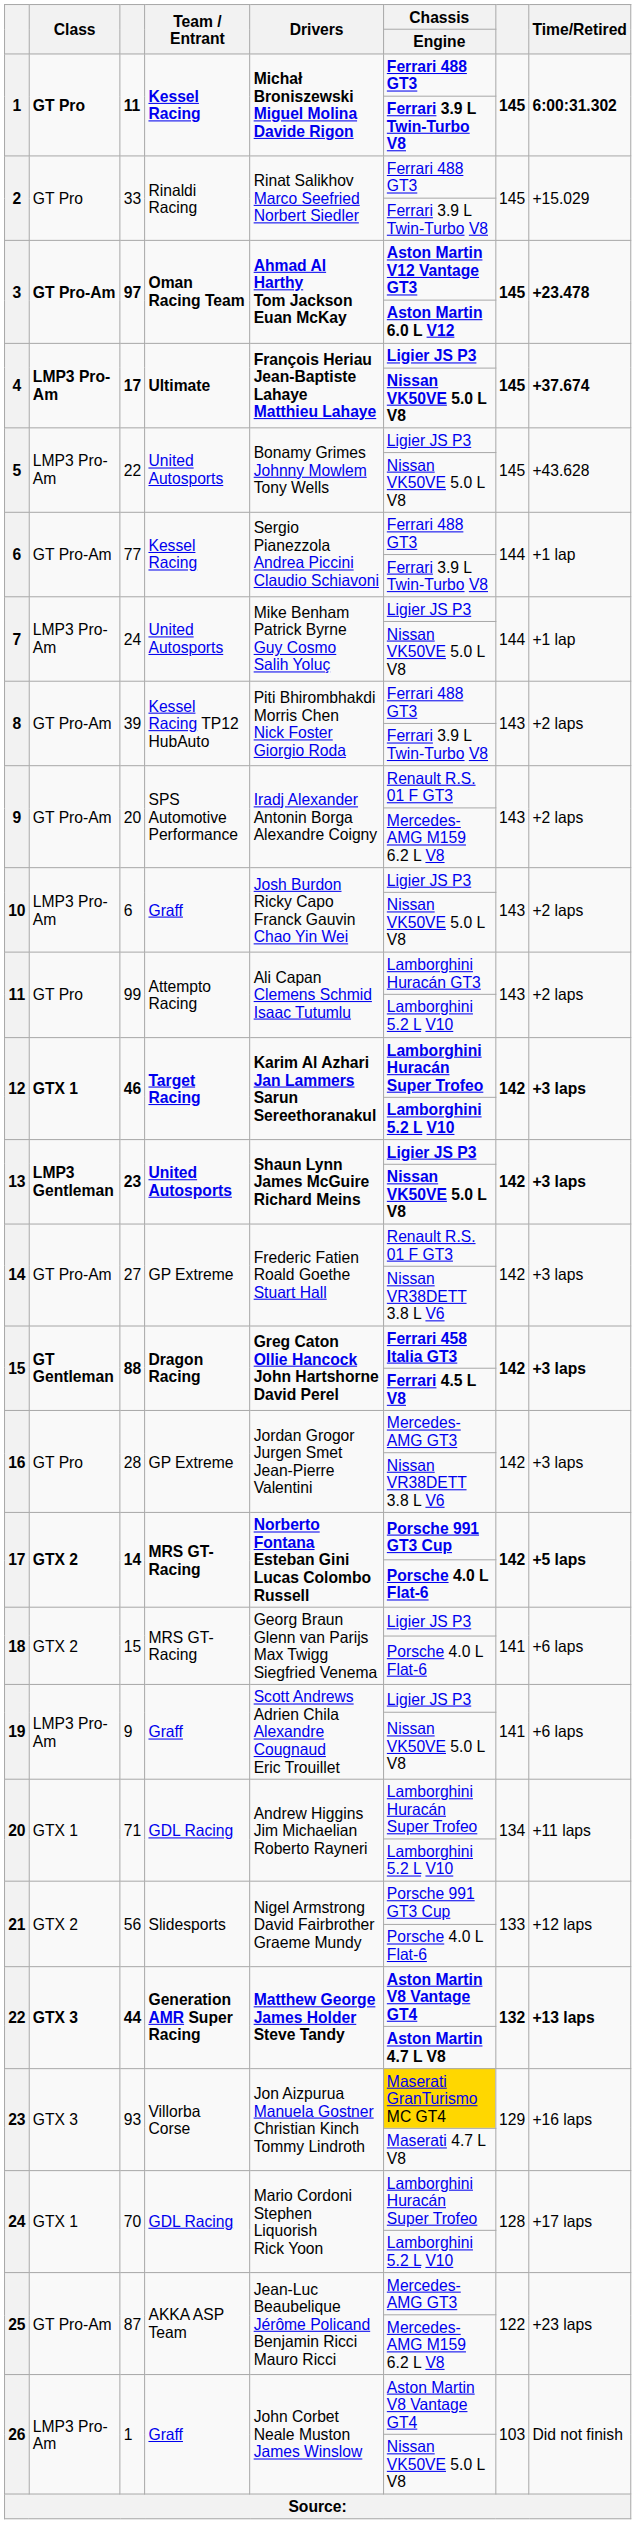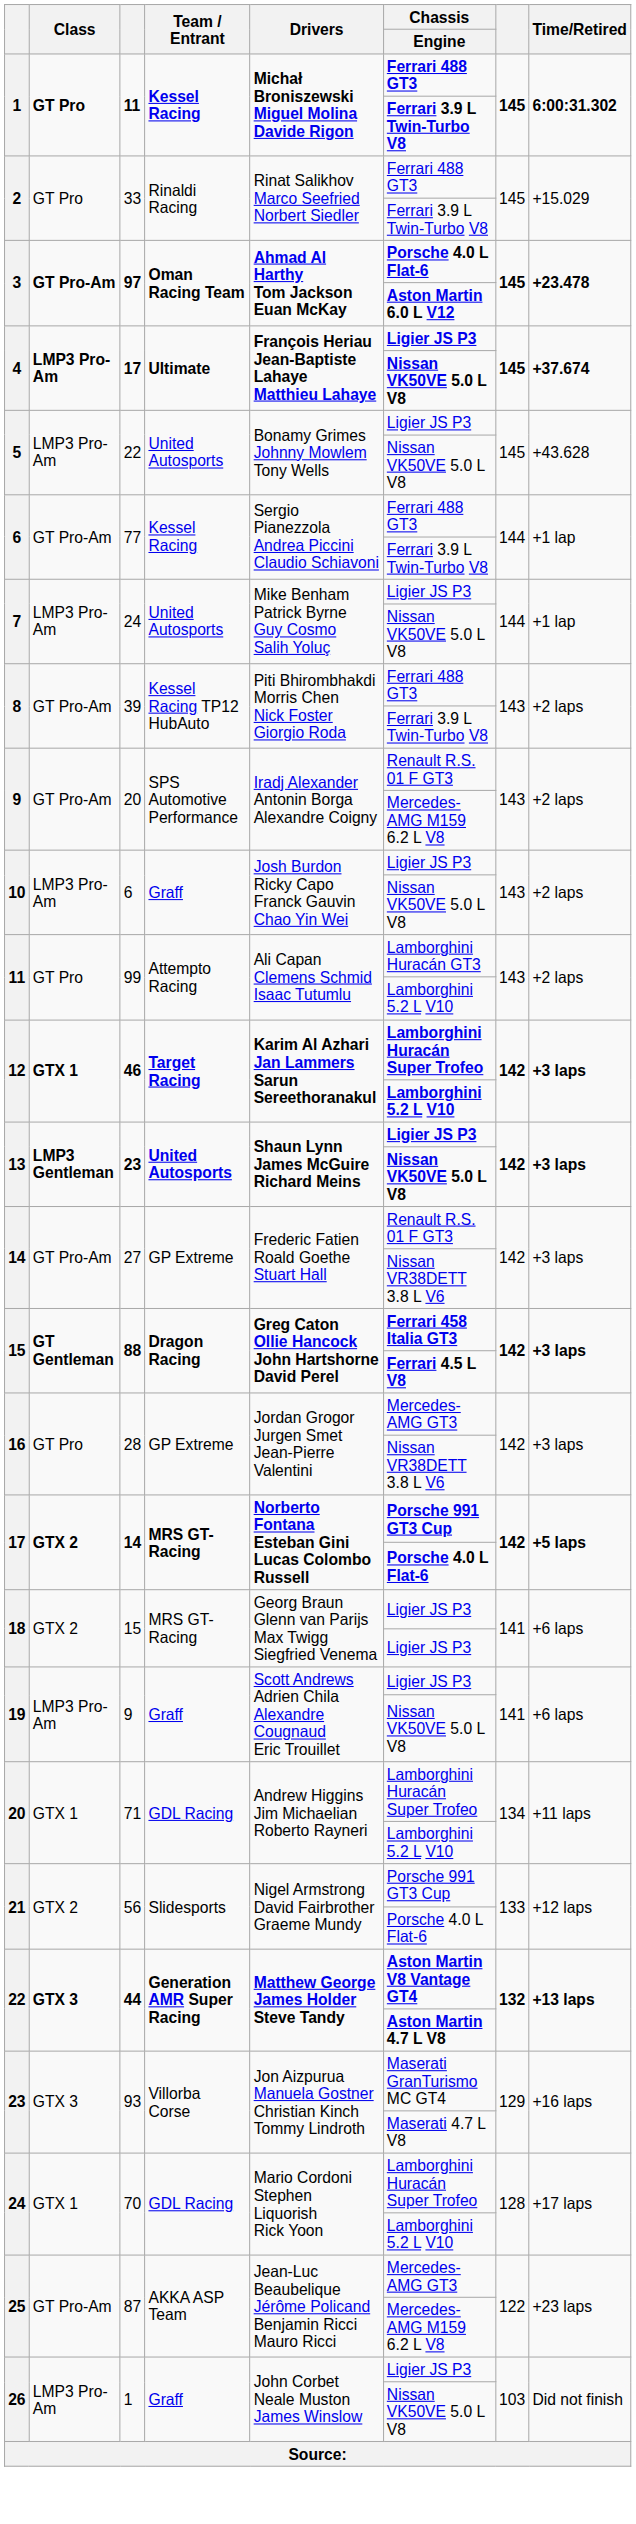 <table class="wikitable" style="font-size: 95%;">
 <tr>
 <th rowspan="2"></th>
 <th rowspan="2">Class</th>
 <th rowspan="2" class="unsortable"></th>
 <th rowspan="2" class="unsortable">Team / Entrant</th>
 <th rowspan="2" class="unsortable">Drivers</th>
 <th scope="col" class="unsortable">Chassis</th>
 <th rowspan="2" class="unsortable"></th>
 <th rowspan="2" class="unsortable">Time/Retired</th>
 </tr>
 <tr>
 <th>Engine</th>
 </tr>
 <tr style="font-weight:bold">
 <th rowspan=2>1</th>
 <td rowspan=2>GT Pro</td>
 <td rowspan=2>11</td>
 <td rowspan=2> <a href='#'>Kessel Racing</a></td>
 <td rowspan=2> Michał Broniszewski<br> <a href='#'>Miguel Molina</a><br> <a href='#'>Davide Rigon</a></td>
 <td><a href='#'>Ferrari 488 GT3</a></td>
 <td rowspan=2>145</td>
 <td rowspan=2>6:00:31.302</td>
 </tr>
 <tr style="font-weight:bold">
 <td><a href='#'>Ferrari</a> 3.9 L <a href='#'>Twin-Turbo</a> <a href='#'>V8</a></td>
 </tr>
 <tr>
 <th rowspan=2>2</th>
 <td rowspan=2>GT Pro</td>
 <td rowspan=2>33</td>
 <td rowspan=2> Rinaldi Racing</td>
 <td rowspan=2> Rinat Salikhov<br> <a href='#'>Marco Seefried</a><br> <a href='#'>Norbert Siedler</a></td>
 <td><a href='#'>Ferrari 488 GT3</a></td>
 <td rowspan=2>145</td>
 <td rowspan=2>+15.029</td>
 </tr>
 <tr>
 <td><a href='#'>Ferrari</a> 3.9 L <a href='#'>Twin-Turbo</a> <a href='#'>V8</a></td>
 </tr>
 <tr style="font-weight:bold">
 <th rowspan=2>3</th>
 <td rowspan=2>GT Pro-Am</td>
 <td rowspan=2>97</td>
 <td rowspan=2> Oman Racing Team</td>
 <td rowspan=2> <a href='#'>Ahmad Al Harthy</a><br> Tom Jackson<br> Euan McKay</td>
-<td><a href='#'>Aston Martin V12 Vantage GT3</a></td>
+<td><a href='#'>Porsche</a> 4.0 L <a href='#'>Flat-6</a></td>
 <td rowspan=2>145</td>
 <td rowspan=2>+23.478</td>
 </tr>
 <tr style="font-weight:bold">
 <td><a href='#'>Aston Martin</a> 6.0 L <a href='#'>V12</a></td>
 </tr>
 <tr style="font-weight:bold">
 <th rowspan=2>4</th>
 <td rowspan=2>LMP3 Pro-Am</td>
 <td rowspan=2>17</td>
 <td rowspan=2> Ultimate</td>
 <td rowspan=2> François Heriau<br> Jean-Baptiste Lahaye<br> <a href='#'>Matthieu Lahaye</a></td>
 <td><a href='#'>Ligier JS P3</a></td>
 <td rowspan=2>145</td>
 <td rowspan=2>+37.674</td>
 </tr>
 <tr style="font-weight:bold">
 <td><a href='#'>Nissan</a> <a href='#'>VK50VE</a> 5.0 L V8</td>
 </tr>
 <tr>
 <th rowspan=2>5</th>
 <td rowspan=2>LMP3 Pro-Am</td>
 <td rowspan=2>22</td>
 <td rowspan=2> <a href='#'>United Autosports</a></td>
 <td rowspan=2> Bonamy Grimes<br> <a href='#'>Johnny Mowlem</a><br> Tony Wells</td>
 <td><a href='#'>Ligier JS P3</a></td>
 <td rowspan=2>145</td>
 <td rowspan=2>+43.628</td>
 </tr>
 <tr>
 <td><a href='#'>Nissan</a> <a href='#'>VK50VE</a> 5.0 L V8</td>
 </tr>
 <tr>
 <th rowspan=2>6</th>
 <td rowspan=2>GT Pro-Am</td>
 <td rowspan=2>77</td>
 <td rowspan=2> <a href='#'>Kessel Racing</a></td>
 <td rowspan=2> Sergio Pianezzola<br> <a href='#'>Andrea Piccini</a><br> <a href='#'>Claudio Schiavoni</a></td>
 <td><a href='#'>Ferrari 488 GT3</a></td>
 <td rowspan=2>144</td>
 <td rowspan=2>+1 lap</td>
 </tr>
 <tr>
 <td><a href='#'>Ferrari</a> 3.9 L <a href='#'>Twin-Turbo</a> <a href='#'>V8</a></td>
 </tr>
 <tr>
 <th rowspan=2>7</th>
 <td rowspan=2>LMP3 Pro-Am</td>
 <td rowspan=2>24</td>
 <td rowspan=2> <a href='#'>United Autosports</a></td>
 <td rowspan=2> Mike Benham<br> Patrick Byrne<br> <a href='#'>Guy Cosmo</a><br> <a href='#'>Salih Yoluç</a></td>
 <td><a href='#'>Ligier JS P3</a></td>
 <td rowspan=2>144</td>
 <td rowspan=2>+1 lap</td>
 </tr>
 <tr>
 <td><a href='#'>Nissan</a> <a href='#'>VK50VE</a> 5.0 L V8</td>
 </tr>
 <tr>
 <th rowspan=2>8</th>
 <td rowspan=2>GT Pro-Am</td>
 <td rowspan=2>39</td>
 <td rowspan=2> <a href='#'>Kessel Racing</a> TP12 HubAuto</td>
 <td rowspan=2> Piti Bhirombhakdi<br> Morris Chen<br> <a href='#'>Nick Foster</a><br> <a href='#'>Giorgio Roda</a></td>
 <td><a href='#'>Ferrari 488 GT3</a></td>
 <td rowspan=2>143</td>
 <td rowspan=2>+2 laps</td>
 </tr>
 <tr>
 <td><a href='#'>Ferrari</a> 3.9 L <a href='#'>Twin-Turbo</a> <a href='#'>V8</a></td>
 </tr>
 <tr>
 <th rowspan=2>9</th>
 <td rowspan=2>GT Pro-Am</td>
 <td rowspan=2>20</td>
 <td rowspan=2> SPS Automotive Performance</td>
 <td rowspan=2> <a href='#'>Iradj Alexander</a><br> Antonin Borga<br> Alexandre Coigny</td>
 <td><a href='#'>Renault R.S. 01 F GT3</a></td>
 <td rowspan=2>143</td>
 <td rowspan=2>+2 laps</td>
 </tr>
 <tr>
 <td><a href='#'>Mercedes-AMG M159</a> 6.2 L <a href='#'>V8</a></td>
 </tr>
 <tr>
 <th rowspan=2>10</th>
 <td rowspan=2>LMP3 Pro-Am</td>
 <td rowspan=2>6</td>
 <td rowspan=2> <a href='#'>Graff</a></td>
 <td rowspan=2> <a href='#'>Josh Burdon</a><br> Ricky Capo<br> Franck Gauvin<br> <a href='#'>Chao Yin Wei</a></td>
 <td><a href='#'>Ligier JS P3</a></td>
 <td rowspan=2>143</td>
 <td rowspan=2>+2 laps</td>
 </tr>
 <tr>
 <td><a href='#'>Nissan</a> <a href='#'>VK50VE</a> 5.0 L V8</td>
 </tr>
 <tr>
 <th rowspan=2>11</th>
 <td rowspan=2>GT Pro</td>
 <td rowspan=2>99</td>
 <td rowspan=2> Attempto Racing</td>
 <td rowspan=2> Ali Capan<br> <a href='#'>Clemens Schmid</a><br> <a href='#'>Isaac Tutumlu</a></td>
 <td><a href='#'>Lamborghini Huracán GT3</a></td>
 <td rowspan=2>143</td>
 <td rowspan=2>+2 laps</td>
 </tr>
 <tr>
 <td><a href='#'>Lamborghini</a> <a href='#'>5.2 L</a> <a href='#'>V10</a></td>
 </tr>
 <tr style="font-weight:bold">
 <th rowspan=2>12</th>
 <td rowspan=2>GTX 1</td>
 <td rowspan=2>46</td>
 <td rowspan=2> <a href='#'>Target Racing</a></td>
 <td rowspan=2> Karim Al Azhari<br> <a href='#'>Jan Lammers</a><br> Sarun Sereethoranakul</td>
 <td><a href='#'>Lamborghini Huracán Super Trofeo</a></td>
 <td rowspan=2>142</td>
 <td rowspan=2>+3 laps</td>
 </tr>
 <tr style="font-weight:bold">
 <td><a href='#'>Lamborghini</a> <a href='#'>5.2 L</a> <a href='#'>V10</a></td>
 </tr>
 <tr style="font-weight:bold">
 <th rowspan=2>13</th>
 <td rowspan=2>LMP3 Gentleman</td>
 <td rowspan=2>23</td>
 <td rowspan=2> <a href='#'>United Autosports</a></td>
 <td rowspan=2> Shaun Lynn<br> James McGuire<br> Richard Meins</td>
 <td><a href='#'>Ligier JS P3</a></td>
 <td rowspan=2>142</td>
 <td rowspan=2>+3 laps</td>
 </tr>
 <tr style="font-weight:bold">
 <td><a href='#'>Nissan</a> <a href='#'>VK50VE</a> 5.0 L V8</td>
 </tr>
 <tr>
 <th rowspan=2>14</th>
 <td rowspan=2>GT Pro-Am</td>
 <td rowspan=2>27</td>
 <td rowspan=2> GP Extreme</td>
 <td rowspan=2> Frederic Fatien<br> Roald Goethe<br> <a href='#'>Stuart Hall</a></td>
 <td><a href='#'>Renault R.S. 01 F GT3</a></td>
 <td rowspan=2>142</td>
 <td rowspan=2>+3 laps</td>
 </tr>
 <tr>
 <td><a href='#'>Nissan</a> <a href='#'>VR38DETT</a> 3.8 L <a href='#'>V6</a></td>
 </tr>
 <tr style="font-weight:bold">
 <th rowspan=2>15</th>
 <td rowspan=2>GT Gentleman</td>
 <td rowspan=2>88</td>
 <td rowspan=2> Dragon Racing</td>
 <td rowspan=2> Greg Caton<br> <a href='#'>Ollie Hancock</a><br> John Hartshorne<br> David Perel</td>
 <td><a href='#'>Ferrari 458 Italia GT3</a></td>
 <td rowspan=2>142</td>
 <td rowspan=2>+3 laps</td>
 </tr>
 <tr style="font-weight:bold">
 <td><a href='#'>Ferrari</a> 4.5 L <a href='#'>V8</a></td>
 </tr>
 <tr>
 <th rowspan=2>16</th>
 <td rowspan=2>GT Pro</td>
 <td rowspan=2>28</td>
 <td rowspan=2> GP Extreme</td>
 <td rowspan=2> Jordan Grogor<br> Jurgen Smet<br> Jean-Pierre Valentini</td>
 <td><a href='#'>Mercedes-AMG GT3</a></td>
 <td rowspan=2>142</td>
 <td rowspan=2>+3 laps</td>
 </tr>
 <tr>
 <td><a href='#'>Nissan</a> <a href='#'>VR38DETT</a> 3.8 L <a href='#'>V6</a></td>
 </tr>
 <tr style="font-weight:bold">
 <th rowspan=2>17</th>
 <td rowspan=2>GTX 2</td>
 <td rowspan=2>14</td>
 <td rowspan=2> MRS GT-Racing</td>
 <td rowspan=2> <a href='#'>Norberto Fontana</a><br> Esteban Gini<br> Lucas Colombo Russell</td>
 <td><a href='#'>Porsche 991 GT3 Cup</a></td>
 <td rowspan=2>142</td>
 <td rowspan=2>+5 laps</td>
 </tr>
 <tr style="font-weight:bold">
 <td><a href='#'>Porsche</a> 4.0 L <a href='#'>Flat-6</a></td>
 </tr>
 <tr>
 <th rowspan=2>18</th>
 <td rowspan=2>GTX 2</td>
 <td rowspan=2>15</td>
 <td rowspan=2> MRS GT-Racing</td>
 <td rowspan=2> Georg Braun<br> Glenn van Parijs<br> Max Twigg<br> Siegfried Venema</td>
 <td><a href='#'>Ligier JS P3</a></td>
 <td rowspan=2>141</td>
 <td rowspan=2>+6 laps</td>
 </tr>
 <tr>
-<td><a href='#'>Porsche</a> 4.0 L <a href='#'>Flat-6</a></td>
+<td><a href='#'>Ligier JS P3</a></td>
 </tr>
 <tr>
 <th rowspan=2>19</th>
 <td rowspan=2>LMP3 Pro-Am</td>
 <td rowspan=2>9</td>
 <td rowspan=2> <a href='#'>Graff</a></td>
 <td rowspan=2> <a href='#'>Scott Andrews</a><br> Adrien Chila<br> <a href='#'>Alexandre Cougnaud</a><br> Eric Trouillet</td>
 <td><a href='#'>Ligier JS P3</a></td>
 <td rowspan=2>141</td>
 <td rowspan=2>+6 laps</td>
 </tr>
 <tr>
 <td><a href='#'>Nissan</a> <a href='#'>VK50VE</a> 5.0 L V8</td>
 </tr>
 <tr>
 <th rowspan=2>20</th>
 <td rowspan=2>GTX 1</td>
 <td rowspan=2>71</td>
 <td rowspan=2> <a href='#'>GDL Racing</a></td>
 <td rowspan=2> Andrew Higgins<br> Jim Michaelian<br> Roberto Rayneri</td>
 <td><a href='#'>Lamborghini Huracán Super Trofeo</a></td>
 <td rowspan=2>134</td>
 <td rowspan=2>+11 laps</td>
 </tr>
 <tr>
 <td><a href='#'>Lamborghini</a> <a href='#'>5.2 L</a> <a href='#'>V10</a></td>
 </tr>
 <tr>
 <th rowspan=2>21</th>
 <td rowspan=2>GTX 2</td>
 <td rowspan=2>56</td>
 <td rowspan=2> Slidesports</td>
 <td rowspan=2> Nigel Armstrong<br> David Fairbrother<br> Graeme Mundy</td>
 <td><a href='#'>Porsche 991 GT3 Cup</a></td>
 <td rowspan=2>133</td>
 <td rowspan=2>+12 laps</td>
 </tr>
 <tr>
 <td><a href='#'>Porsche</a> 4.0 L <a href='#'>Flat-6</a></td>
 </tr>
 <tr style="font-weight:bold">
 <th rowspan=2>22</th>
 <td rowspan=2>GTX 3</td>
 <td rowspan=2>44</td>
 <td rowspan=2> Generation <a href='#'>AMR</a> Super Racing</td>
 <td rowspan=2> <a href='#'>Matthew George</a><br> <a href='#'>James Holder</a><br> Steve Tandy</td>
 <td><a href='#'>Aston Martin V8 Vantage GT4</a></td>
 <td rowspan=2>132</td>
 <td rowspan=2>+13 laps</td>
 </tr>
 <tr style="font-weight:bold">
 <td><a href='#'>Aston Martin</a> 4.7 L V8</td>
 </tr>
 <tr>
 <th rowspan=2>23</th>
 <td rowspan=2>GTX 3</td>
 <td rowspan=2>93</td>
 <td rowspan=2> Villorba Corse</td>
 <td rowspan=2> Jon Aizpurua<br> <a href='#'>Manuela Gostner</a><br> Christian Kinch<br> Tommy Lindroth</td>
-<td style="background: gold;"><a href='#'>Maserati GranTurismo</a> MC GT4</td>
+<td><a href='#'>Maserati GranTurismo</a> MC GT4</td>
 <td rowspan=2>129</td>
 <td rowspan=2>+16 laps</td>
 </tr>
 <tr>
 <td><a href='#'>Maserati</a> 4.7 L V8</td>
 </tr>
 <tr>
 <th rowspan=2>24</th>
 <td rowspan=2>GTX 1</td>
 <td rowspan=2>70</td>
 <td rowspan=2> <a href='#'>GDL Racing</a></td>
 <td rowspan=2> Mario Cordoni<br> Stephen Liquorish<br> Rick Yoon</td>
 <td><a href='#'>Lamborghini Huracán Super Trofeo</a></td>
 <td rowspan=2>128</td>
 <td rowspan=2>+17 laps</td>
 </tr>
 <tr>
 <td><a href='#'>Lamborghini</a> <a href='#'>5.2 L</a> <a href='#'>V10</a></td>
 </tr>
 <tr>
 <th rowspan=2>25</th>
 <td rowspan=2>GT Pro-Am</td>
 <td rowspan=2>87</td>
 <td rowspan=2> AKKA ASP Team</td>
 <td rowspan=2> Jean-Luc Beaubelique<br> <a href='#'>Jérôme Policand</a><br> Benjamin Ricci<br> Mauro Ricci</td>
 <td><a href='#'>Mercedes-AMG GT3</a></td>
 <td rowspan=2>122</td>
 <td rowspan=2>+23 laps</td>
 </tr>
 <tr>
 <td><a href='#'>Mercedes-AMG M159</a> 6.2 L <a href='#'>V8</a></td>
 </tr>
 <tr>
 <th rowspan=2>26</th>
 <td rowspan=2>LMP3 Pro-Am</td>
 <td rowspan=2>1</td>
 <td rowspan=2> <a href='#'>Graff</a></td>
 <td rowspan=2> John Corbet<br> Neale Muston<br> <a href='#'>James Winslow</a></td>
-<td><a href='#'>Aston Martin V8 Vantage GT4</a></td>
+<td><a href='#'>Ligier JS P3</a></td>
 <td rowspan=2>103</td>
 <td rowspan=2>Did not finish</td>
 </tr>
 <tr>
 <td><a href='#'>Nissan</a> <a href='#'>VK50VE</a> 5.0 L V8</td>
 </tr>
 <tr>
 <th colspan=8>Source:</th>
 </tr>
 </table>
